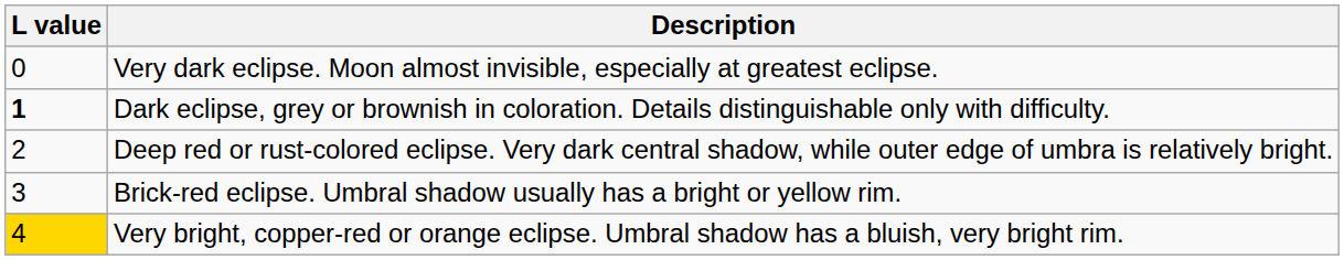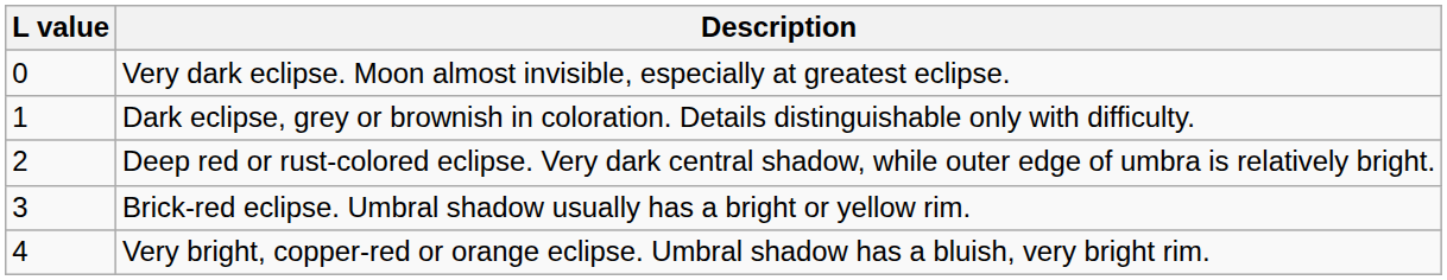 <table align=center class=wikitable>
 <tr>
 <th>L value</th>
 <th>Description</th>
 </tr>
 <tr>
 <td>0</td>
 <td>Very dark eclipse. Moon almost invisible, especially at greatest eclipse.</td>
 </tr>
 <tr>
-<td><strong>1</strong></td>
+<td>1</td>
 <td>Dark eclipse, grey or brownish in coloration. Details distinguishable only with difficulty.</td>
 </tr>
 <tr>
 <td>2</td>
 <td>Deep red or rust-colored eclipse. Very dark central shadow, while outer edge of umbra is relatively bright.</td>
 </tr>
 <tr>
 <td>3</td>
 <td>Brick-red eclipse. Umbral shadow usually has a bright or yellow rim.</td>
 </tr>
 <tr>
-<td style="background: gold;">4</td>
+<td>4</td>
 <td>Very bright, copper-red or orange eclipse. Umbral shadow has a bluish, very bright rim.</td>
 </tr>
 </table>
